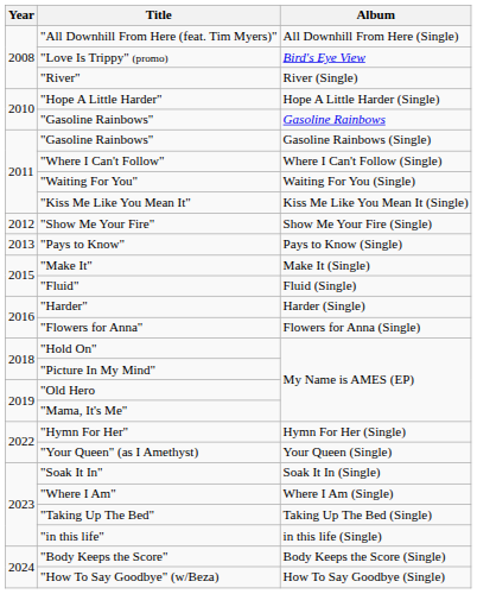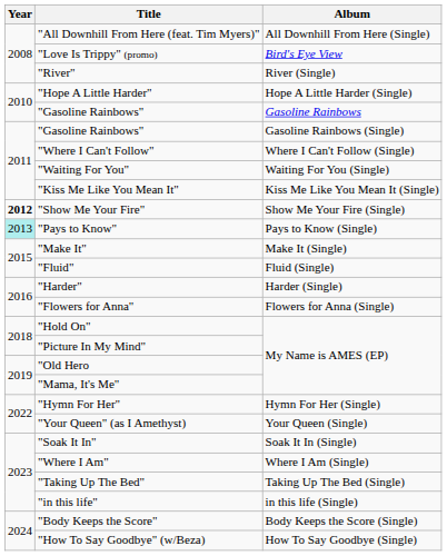 <table class="wikitable">
 <tr>
 <th rowspan="1">Year</th>
 <th rowspan="1">Title</th>
 <th rowspan="1">Album</th>
 </tr>
 <tr>
 <td rowspan="3">2008</td>
 <td>"All Downhill From Here (feat. Tim Myers)"</td>
 <td rowspan="1">All Downhill From Here (Single)</td>
 </tr>
 <tr>
 <td>"Love Is Trippy" <small>(promo)</small></td>
 <td rowspan="1"><em><a href='#'>Bird's Eye View</a></em></td>
 </tr>
 <tr>
 <td>"River"</td>
 <td rowspan="1">River (Single)</td>
 </tr>
 <tr>
 <td rowspan="2">2010</td>
 <td>"Hope A Little Harder"</td>
 <td rowspan="1">Hope A Little Harder (Single)</td>
 </tr>
 <tr>
 <td>"Gasoline Rainbows"</td>
 <td rowspan="1"><em><a href='#'>Gasoline Rainbows</a></em></td>
 </tr>
 <tr>
 <td rowspan="4">2011</td>
 <td>"Gasoline Rainbows"</td>
 <td rowspan="1">Gasoline Rainbows (Single)</td>
 </tr>
 <tr>
 <td>"Where I Can't Follow"</td>
 <td rowspan="1">Where I Can't Follow (Single)</td>
 </tr>
 <tr>
 <td>"Waiting For You"</td>
 <td rowspan="1">Waiting For You (Single)</td>
 </tr>
 <tr>
 <td>"Kiss Me Like You Mean It"</td>
 <td rowspan="1">Kiss Me Like You Mean It (Single)</td>
 </tr>
 <tr>
-<td rowspan="1">2012</td>
+<td rowspan="1"><strong>2012</strong></td>
 <td>"Show Me Your Fire"</td>
 <td rowspan="1">Show Me Your Fire (Single)</td>
 </tr>
 <tr>
-<td rowspan="1">2013</td>
+<td rowspan="1" style="background: paleturquoise;">2013</td>
 <td>"Pays to Know"</td>
 <td rowspan="1">Pays to Know (Single)</td>
 </tr>
 <tr>
 <td rowspan="2">2015</td>
 <td>"Make It"</td>
 <td rowspan="1">Make It (Single)</td>
 </tr>
 <tr>
 <td>"Fluid"</td>
 <td rowspan="1">Fluid (Single)</td>
 </tr>
 <tr>
 <td rowspan="2">2016</td>
 <td>"Harder"</td>
 <td rowspan="1">Harder (Single)</td>
 </tr>
 <tr>
 <td>"Flowers for Anna"</td>
 <td rowspan="1">Flowers for Anna (Single)</td>
 </tr>
 <tr>
 <td rowspan="2">2018</td>
 <td>"Hold On"</td>
 <td rowspan="4">My Name is AMES (EP)</td>
 </tr>
 <tr>
 <td>"Picture In My Mind"</td>
 </tr>
 <tr>
 <td rowspan="2">2019</td>
 <td>"Old Hero</td>
 </tr>
 <tr>
 <td>"Mama, It's Me"</td>
 </tr>
 <tr>
 <td rowspan="2">2022</td>
 <td>"Hymn For Her"</td>
 <td>Hymn For Her (Single)</td>
 </tr>
 <tr>
 <td>"Your Queen" (as I Amethyst)</td>
 <td>Your Queen (Single)</td>
 </tr>
 <tr>
 <td rowspan="4">2023</td>
 <td>"Soak It In"</td>
 <td>Soak It In (Single)</td>
 </tr>
 <tr>
 <td>"Where I Am"</td>
 <td>Where I Am (Single)</td>
 </tr>
 <tr>
 <td>"Taking Up The Bed"</td>
 <td>Taking Up The Bed (Single)</td>
 </tr>
 <tr>
 <td>"in this life"</td>
 <td>in this life (Single)</td>
 </tr>
 <tr>
 <td rowspan="2">2024</td>
 <td>"Body Keeps the Score"</td>
 <td>Body Keeps the Score (Single)</td>
 </tr>
 <tr>
 <td>"How To Say Goodbye" (w/Beza)</td>
 <td>How To Say Goodbye (Single)</td>
 </tr>
 </table>
